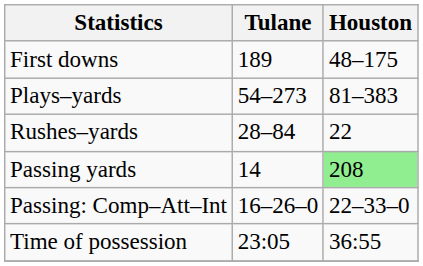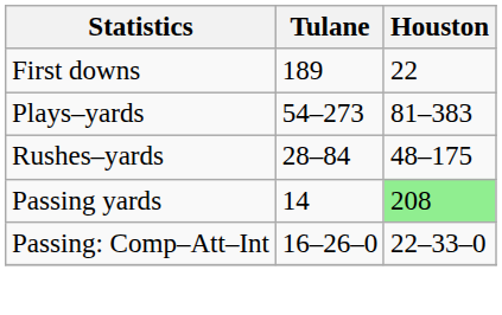 <table class="wikitable" style="float: left;">
 <tr>
 <th>Statistics</th>
 <th>Tulane</th>
 <th>Houston</th>
 </tr>
 <tr>
 <td>First downs</td>
 <td>189</td>
-<td>48–175</td>
+<td>22</td>
 </tr>
 <tr>
 <td>Plays–yards</td>
 <td>54–273</td>
 <td>81–383</td>
 </tr>
 <tr>
 <td>Rushes–yards</td>
 <td>28–84</td>
-<td>22</td>
+<td>48–175</td>
 </tr>
 <tr>
 <td>Passing yards</td>
 <td>14</td>
 <td style="background: lightgreen;">208</td>
 </tr>
 <tr>
 <td>Passing: Comp–Att–Int</td>
 <td>16–26–0</td>
 <td>22–33–0</td>
 </tr>
 <tr>
-<td>Time of possession</td>
-<td>23:05</td>
-<td>36:55</td>
-</tr>
-<tr>
 </tr>
 </table>
